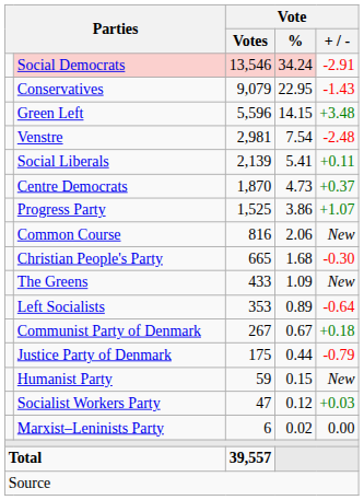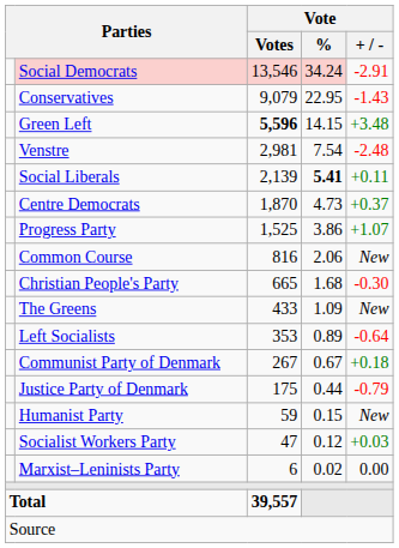 <table class="wikitable" style="text-align:right;">
 <tr>
 <th style="text-align:centre;" rowspan="2" colspan="2" width="225">Parties</th>
 <th colspan="3">Vote</th>
 </tr>
 <tr>
 <th width="15">Votes</th>
 <th width="15">%</th>
 <th width="15">+ / -</th>
 </tr>
 <tr>
 <td width="2" style="color:inherit;background:"></td>
 <td bgcolor=#fbd0ce  align="left"><a href='#'>Social Democrats</a></td>
 <td bgcolor=#fbd0ce>13,546</td>
 <td bgcolor=#fbd0ce>34.24</td>
 <td style=color:red;>-2.91</td>
 </tr>
 <tr>
 <td width="2" style="color:inherit;background:"></td>
 <td align="left"><a href='#'>Conservatives</a></td>
 <td>9,079</td>
 <td>22.95</td>
 <td style=color:red;>-1.43</td>
 </tr>
 <tr>
 <td width="2" style="color:inherit;background:"></td>
 <td align="left"><a href='#'>Green Left</a></td>
-<td>5,596</td>
+<td><strong>5,596</strong></td>
 <td>14.15</td>
 <td style=color:green;>+3.48</td>
 </tr>
 <tr>
 <td width="2" style="color:inherit;background:"></td>
 <td align="left"><a href='#'>Venstre</a></td>
 <td>2,981</td>
 <td>7.54</td>
 <td style=color:red;>-2.48</td>
 </tr>
 <tr>
 <td width="2" style="color:inherit;background:"></td>
 <td align="left"><a href='#'>Social Liberals</a></td>
 <td>2,139</td>
-<td>5.41</td>
+<td><strong>5.41</strong></td>
 <td style=color:green;>+0.11</td>
 </tr>
 <tr>
 <td width="2" style="color:inherit;background:"></td>
 <td align="left"><a href='#'>Centre Democrats</a></td>
 <td>1,870</td>
 <td>4.73</td>
 <td style=color:green;>+0.37</td>
 </tr>
 <tr>
 <td width="2" style="color:inherit;background:"></td>
 <td align="left"><a href='#'>Progress Party</a></td>
 <td>1,525</td>
 <td>3.86</td>
 <td style=color:green;>+1.07</td>
 </tr>
 <tr>
 <td width="2" style="color:inherit;background:"></td>
 <td align="left"><a href='#'>Common Course</a></td>
 <td>816</td>
 <td>2.06</td>
 <td><em>New</em></td>
 </tr>
 <tr>
 <td width="2" style="color:inherit;background:"></td>
 <td align="left"><a href='#'>Christian People's Party</a></td>
 <td>665</td>
 <td>1.68</td>
 <td style=color:red;>-0.30</td>
 </tr>
 <tr>
 <td width="2" style="color:inherit;background:"></td>
 <td align="left"><a href='#'>The Greens</a></td>
 <td>433</td>
 <td>1.09</td>
 <td><em>New</em></td>
 </tr>
 <tr>
 <td width="2" style="color:inherit;background:"></td>
 <td align="left"><a href='#'>Left Socialists</a></td>
 <td>353</td>
 <td>0.89</td>
 <td style=color:red;>-0.64</td>
 </tr>
 <tr>
 <td width="2" style="color:inherit;background:"></td>
 <td align="left"><a href='#'>Communist Party of Denmark</a></td>
 <td>267</td>
 <td>0.67</td>
 <td style=color:green;>+0.18</td>
 </tr>
 <tr>
 <td width="2" style="color:inherit;background:"></td>
 <td align="left"><a href='#'>Justice Party of Denmark</a></td>
 <td>175</td>
 <td>0.44</td>
 <td style=color:red;>-0.79</td>
 </tr>
 <tr>
 <td width="2" style="color:inherit;background:"></td>
 <td align="left"><a href='#'>Humanist Party</a></td>
 <td>59</td>
 <td>0.15</td>
 <td><em>New</em></td>
 </tr>
 <tr>
 <td width="2" style="color:inherit;background:"></td>
 <td align="left"><a href='#'>Socialist Workers Party</a></td>
 <td>47</td>
 <td>0.12</td>
 <td style=color:green;>+0.03</td>
 </tr>
 <tr>
 <td width="2" style="color:inherit;background:"></td>
 <td align="left"><a href='#'>Marxist–Leninists Party</a></td>
 <td>6</td>
 <td>0.02</td>
 <td>0.00</td>
 </tr>
 <tr>
 <td colspan="7" bgcolor="#E9E9E9"></td>
 </tr>
 <tr>
 <td align="left" colspan="2"><strong>Total</strong></td>
 <td><strong>39,557</strong></td>
 <td bgcolor="#E9E9E9" colspan="2"></td>
 </tr>
 <tr>
 <td align="left" colspan="6">Source</td>
 </tr>
 </table>
